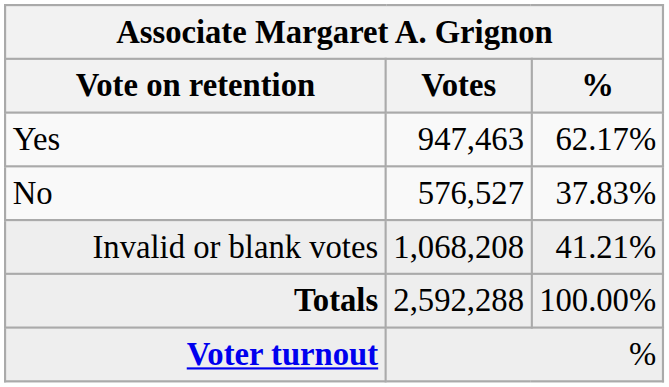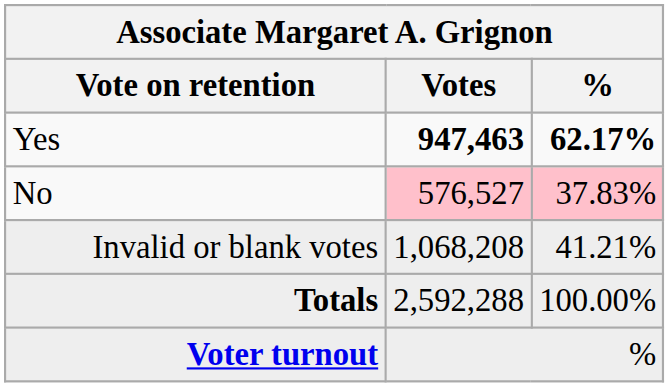 <table class="wikitable" style="font-size: 95%;">
 <tr style="background-color:#E9E9E9">
 <th colspan=7>Associate Margaret A. Grignon</th>
 </tr>
 <tr style="background-color:#E9E9E9">
 <th style="width: 170px">Vote on retention</th>
 <th style="width: 50px">Votes</th>
 <th style="width: 40px">%</th>
 </tr>
 <tr>
 <td>Yes</td>
-<td align="right">947,463</td>
-<td align="right">62.17%</td>
+<td align="right"><strong>947,463</strong></td>
+<td align="right"><strong>62.17%</strong></td>
 </tr>
 <tr>
 <td>No</td>
-<td align="right">576,527</td>
-<td align="right">37.83%</td>
+<td align="right" style="background: pink;">576,527</td>
+<td align="right" style="background: pink;">37.83%</td>
 </tr>
 <tr style="background-color:#EEEEEE">
 <td align="right">Invalid or blank votes</td>
 <td align="right">1,068,208</td>
 <td align="right">41.21%</td>
 </tr>
 <tr style="background-color:#EEEEEE">
 <td colspan="1" align="right"><strong>Totals</strong></td>
 <td align="right">2,592,288</td>
 <td align="right">100.00%</td>
 </tr>
 <tr style="background-color:#EEEEEE">
 <td align="right"><strong><a href='#'>Voter turnout</a></strong></td>
 <td colspan="2" align="right">%</td>
 </tr>
 </table>
